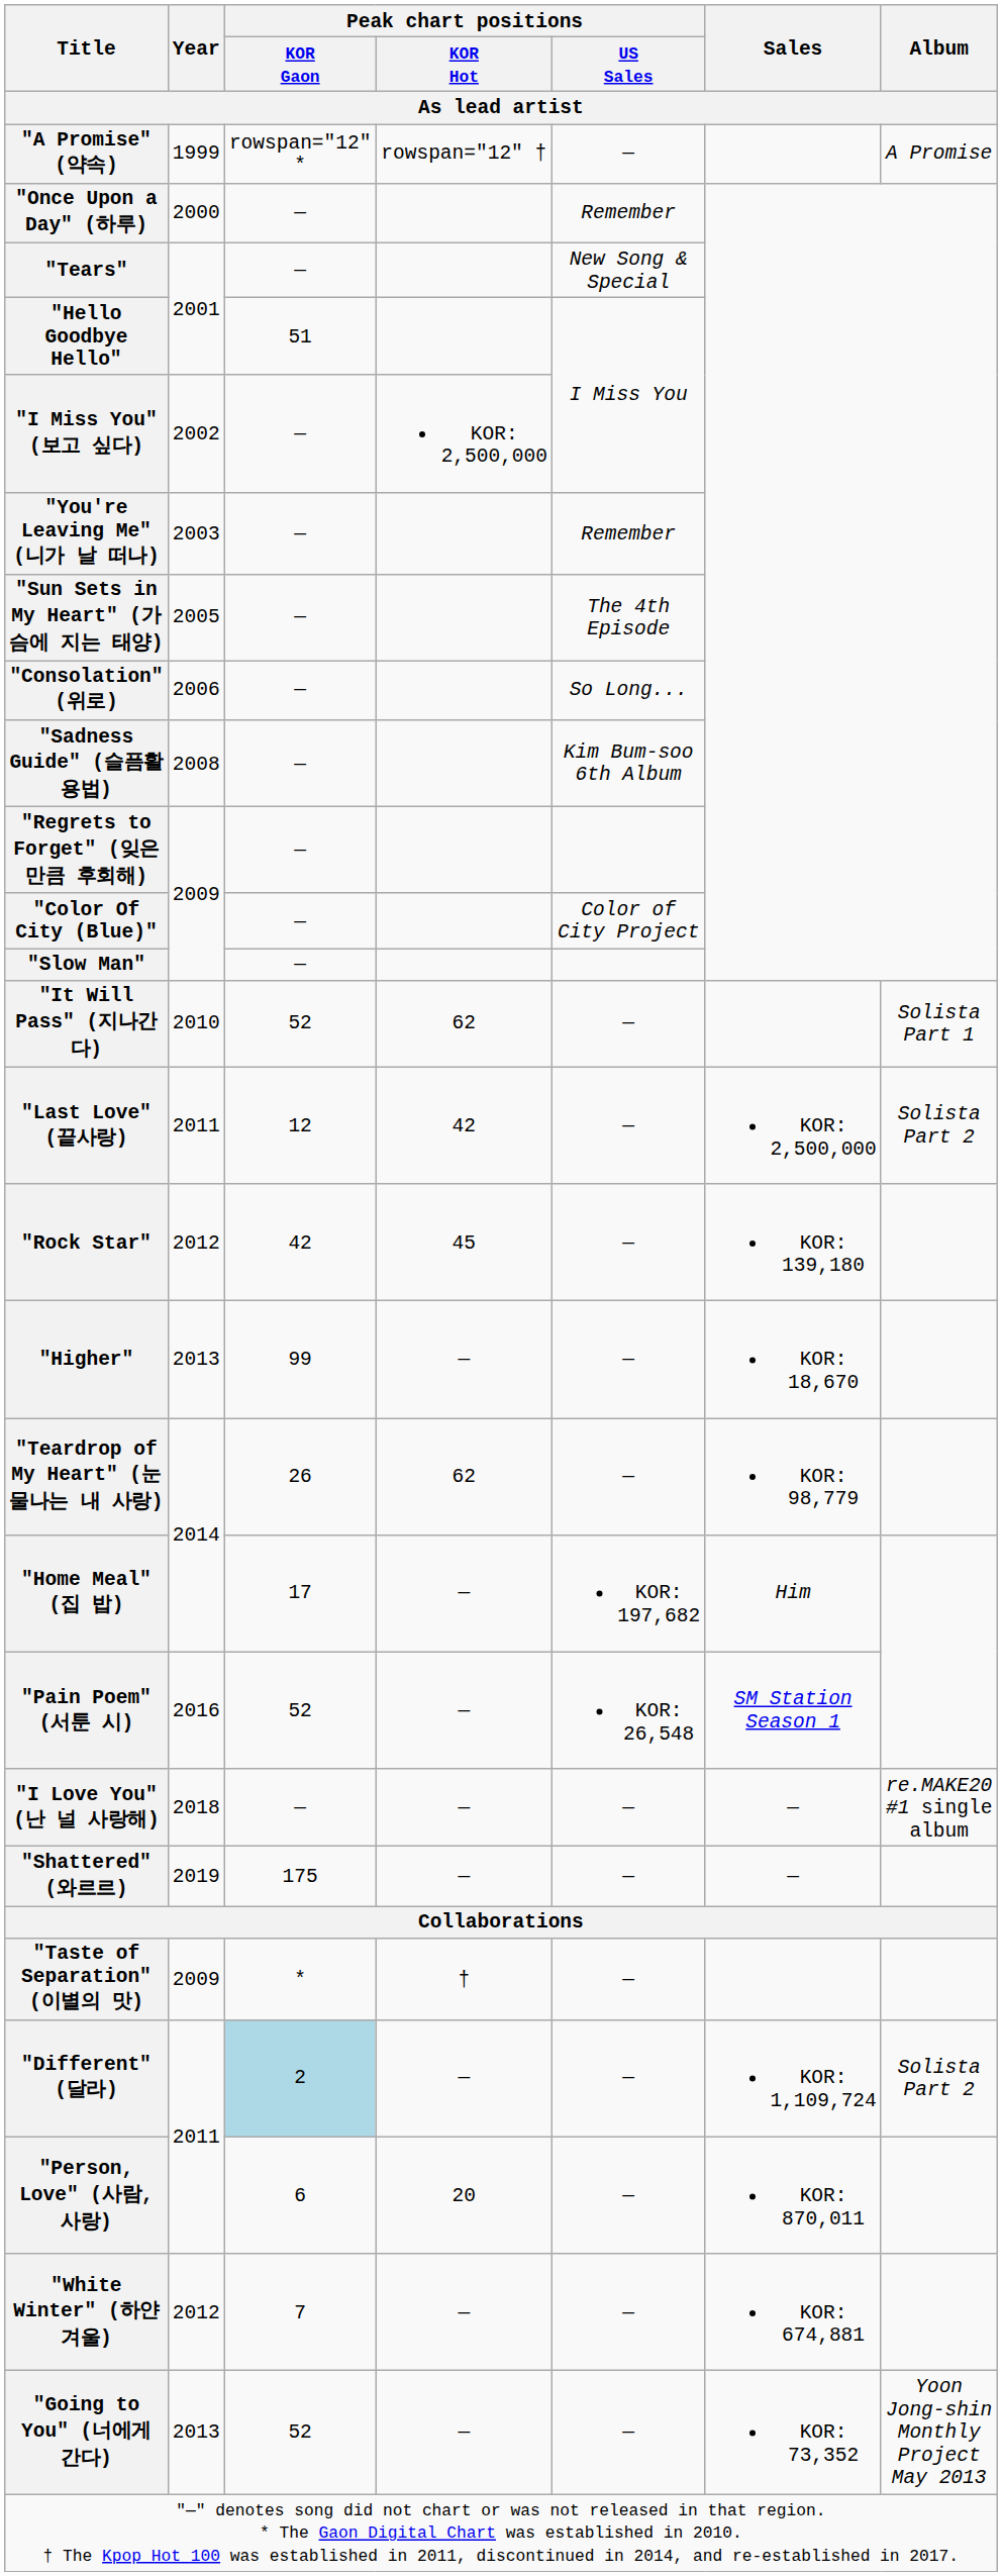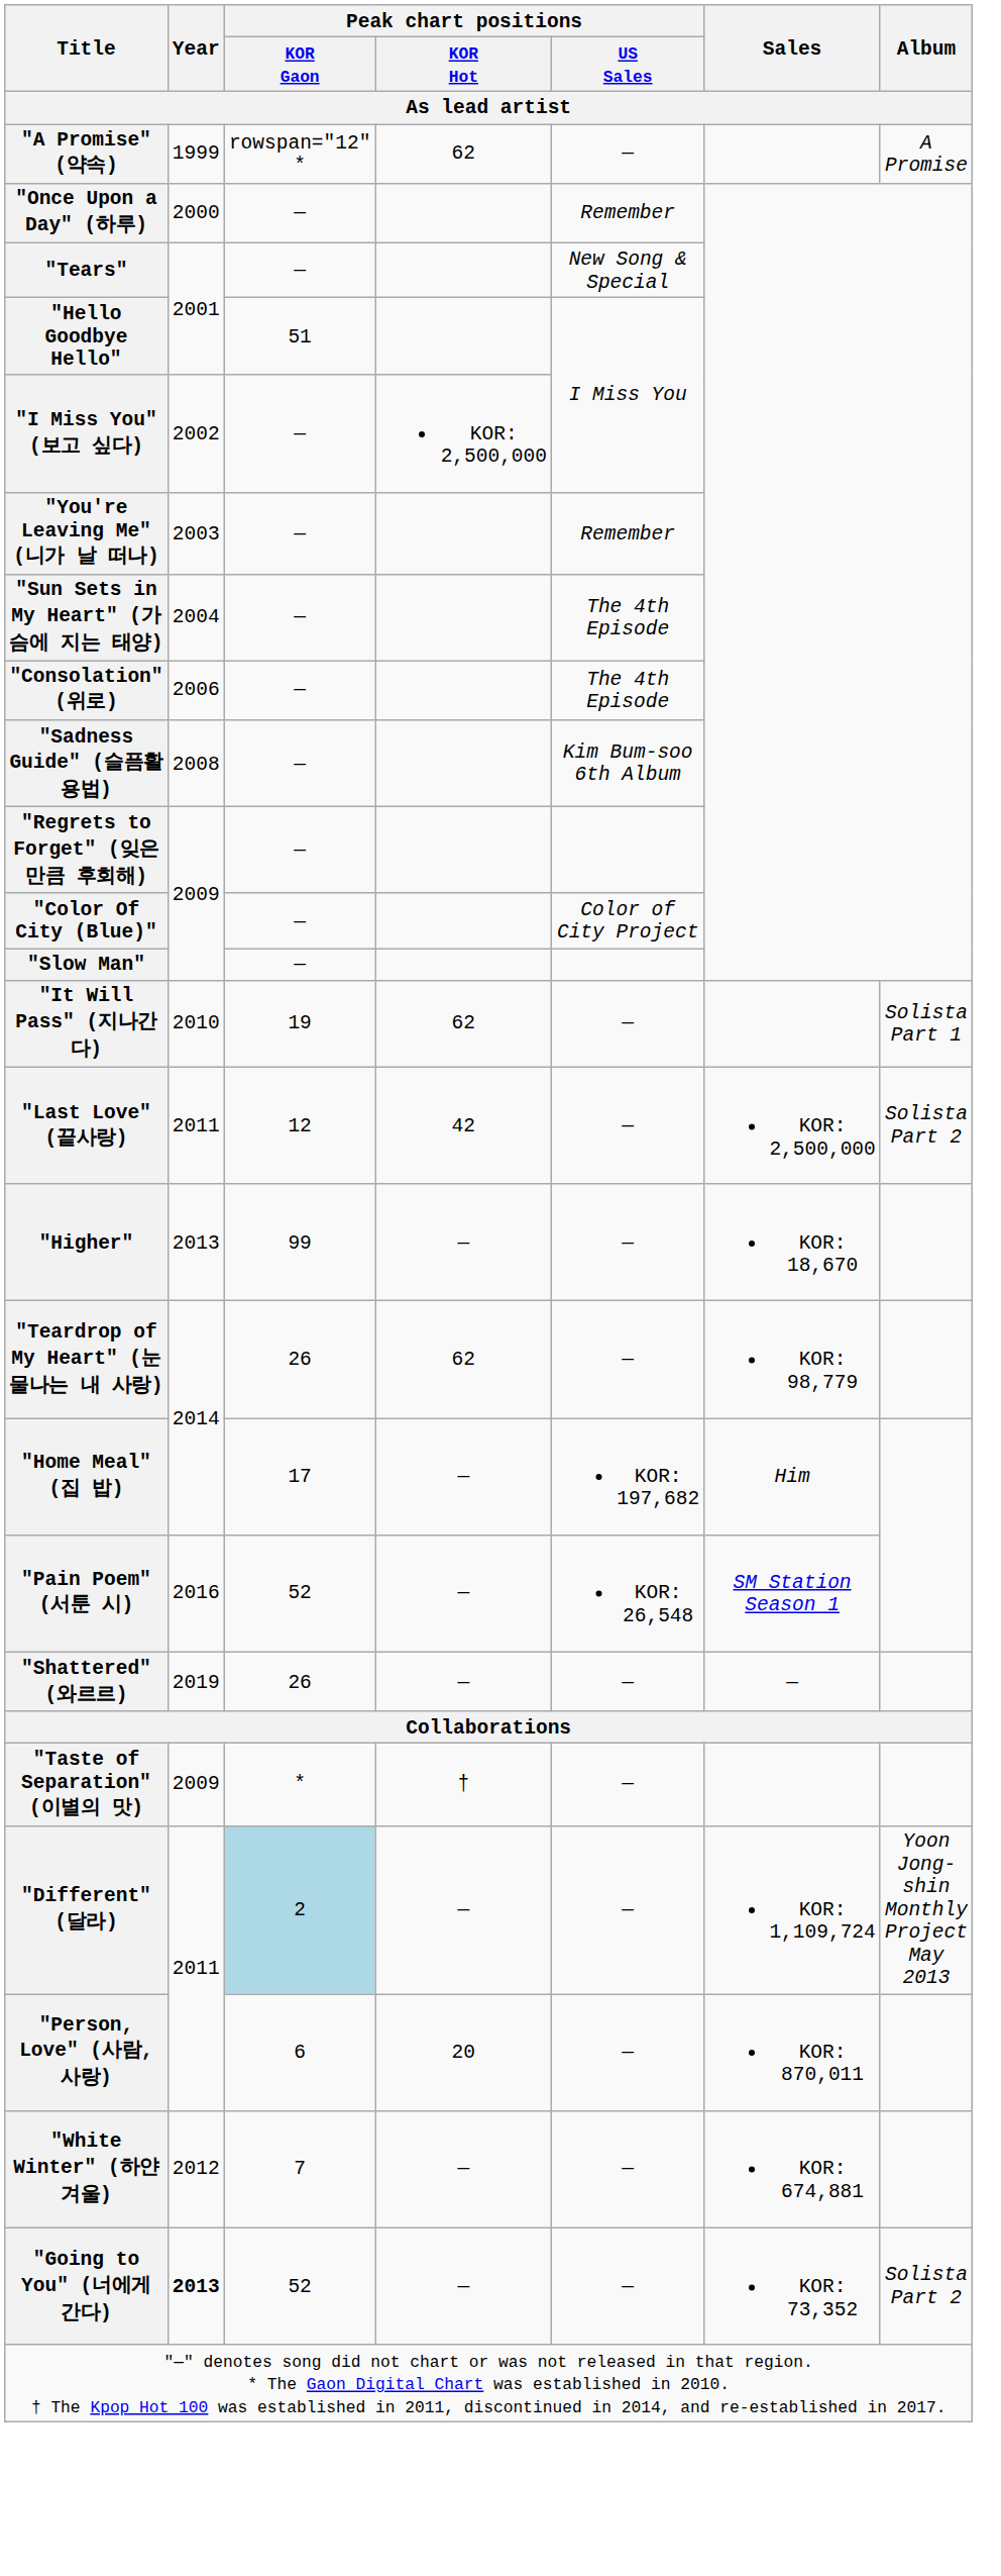 <table class="wikitable plainrowheaders" style="text-align:center;">
 <tr>
 <th scope="col" rowspan="2">Title</th>
 <th scope="col" rowspan="2">Year</th>
 <th scope="col" colspan="3" style="width:5em;">Peak chart positions</th>
 <th scope="col" rowspan="2">Sales</th>
 <th scope="col" rowspan="2">Album</th>
 </tr>
 <tr>
 <th><small><a href='#'>KOR<br>Gaon</a></small><br></th>
 <th><small><a href='#'>KOR<br>Hot</a></small><br></th>
 <th><small><a href='#'>US<br>Sales</a></small><br></th>
 </tr>
 <tr>
 <th colspan="7" scope="col">As lead artist</th>
 </tr>
 <tr>
 <th scope="row">"A Promise" (약속)</th>
 <td>1999</td>
 <td>rowspan="12" *</td>
-<td>rowspan="12" †</td>
+<td>62</td>
 <td>—</td>
 <td></td>
 <td><em>A Promise</em></td>
 </tr>
 <tr>
 <th scope="row">"Once Upon a Day" (하루)</th>
 <td>2000</td>
 <td>—</td>
 <td></td>
 <td><em>Remember</em></td>
 </tr>
 <tr>
 <th scope="row">"Tears"</th>
 <td rowspan="2">2001</td>
 <td>—</td>
 <td></td>
 <td><em>New Song & Special</em></td>
 </tr>
 <tr>
 <th scope="row">"Hello Goodbye Hello"</th>
 <td>51</td>
 <td></td>
 <td rowspan="2"><em>I Miss You</em></td>
 </tr>
 <tr>
 <th scope="row">"I Miss You" (보고 싶다)</th>
 <td>2002</td>
 <td>—</td>
 <td><br><ul><li>KOR: 2,500,000</li></ul></td>
 </tr>
 <tr>
 <th scope="row">"You're Leaving Me" (니가 날 떠나)</th>
 <td>2003</td>
 <td>—</td>
 <td></td>
 <td><em>Remember</em></td>
 </tr>
 <tr>
 <th scope="row">"Sun Sets in My Heart" (가슴에 지는 태양)</th>
-<td>2005</td>
+<td>2004</td>
 <td>—</td>
 <td></td>
 <td><em>The 4th Episode</em></td>
 </tr>
 <tr>
 <th scope="row">"Consolation" (위로)</th>
 <td>2006</td>
 <td>—</td>
 <td></td>
-<td><em>So Long...</em></td>
+<td><em>The 4th Episode</em></td>
 </tr>
 <tr>
 <th scope="row">"Sadness Guide" (슬픔활용법)</th>
 <td>2008</td>
 <td>—</td>
 <td></td>
 <td><em>Kim Bum-soo 6th Album</em></td>
 </tr>
 <tr>
 <th scope="row">"Regrets to Forget" (잊은만큼 후회해)</th>
 <td rowspan="3">2009</td>
 <td>—</td>
 <td></td>
 <td></td>
 </tr>
 <tr>
 <th scope="row">"Color Of City (Blue)"</th>
 <td>—</td>
 <td></td>
 <td><em>Color of City Project</em></td>
 </tr>
 <tr>
 <th scope="row">"Slow Man"<br></th>
 <td>—</td>
 <td></td>
 <td></td>
 </tr>
 <tr>
 <th scope="row">"It Will Pass" (지나간다)</th>
 <td>2010</td>
-<td>52</td>
+<td>19</td>
 <td>62</td>
 <td>—</td>
 <td></td>
 <td><em>Solista Part 1</em></td>
 </tr>
 <tr>
 <th scope="row">"Last Love" (끝사랑)</th>
 <td>2011</td>
 <td>12</td>
 <td>42</td>
 <td>—</td>
 <td><br><ul><li>KOR: 2,500,000</li></ul></td>
 <td><em>Solista Part 2</em></td>
-</tr>
-<tr>
-<th scope="row">"Rock Star"</th>
-<td>2012</td>
-<td>42</td>
-<td>45</td>
-<td>—</td>
-<td><br><ul><li>KOR: 139,180</li></ul></td>
-<td></td>
 </tr>
 <tr>
 <th scope="row">"Higher"</th>
 <td>2013</td>
 <td>99</td>
 <td>—</td>
 <td>—</td>
 <td><br><ul><li>KOR: 18,670</li></ul></td>
 <td></td>
 </tr>
 <tr>
 <th scope="row">"Teardrop of My Heart" (눈물나는 내 사랑)</th>
 <td rowspan="2">2014</td>
 <td>26</td>
 <td>62</td>
 <td>—</td>
 <td><br><ul><li>KOR: 98,779</li></ul></td>
 <td></td>
 </tr>
 <tr>
 <th scope="row">"Home Meal" (집 밥)<br></th>
 <td>17</td>
 <td>—</td>
 <td><br><ul><li>KOR: 197,682</li></ul></td>
 <td><em>Him</em></td>
 </tr>
 <tr>
 <th scope="row">"Pain Poem" (서툰 시)</th>
 <td>2016</td>
 <td>52</td>
 <td>—</td>
 <td><br><ul><li>KOR: 26,548</li></ul></td>
 <td><em><a href='#'>SM Station Season 1</a></em></td>
 </tr>
 <tr>
-<th scope="row">"I Love You" (난 널 사랑해)</th>
-<td>2018</td>
-<td>—</td>
-<td>—</td>
-<td>—</td>
-<td>—</td>
-<td><em>re.MAKE20 #1</em> single album</td>
-</tr>
-<tr>
 <th scope="row">"Shattered" (와르르)</th>
 <td>2019</td>
-<td>175</td>
+<td>26</td>
 <td>—</td>
 <td>—</td>
 <td>—</td>
 <td></td>
 </tr>
 <tr>
 <th colspan="7" scope="col">Collaborations</th>
 </tr>
 <tr>
 <th scope="row">"Taste of Separation" (이별의 맛)<br></th>
 <td>2009</td>
 <td>*</td>
 <td>†</td>
 <td>—</td>
 <td></td>
 <td></td>
 </tr>
 <tr>
 <th scope="row">"Different" (달라)<br></th>
 <td rowspan="2">2011</td>
 <td style="background: lightblue;">2</td>
 <td>—</td>
 <td>—</td>
 <td><br><ul><li>KOR: 1,109,724</li></ul></td>
-<td><em>Solista Part 2</em></td>
+<td><em>Yoon Jong-shin Monthly Project May 2013</em></td>
 </tr>
 <tr>
 <th scope="row">"Person, Love" (사람, 사랑)<br></th>
 <td>6</td>
 <td>20</td>
 <td>—</td>
 <td><br><ul><li>KOR: 870,011</li></ul></td>
 <td></td>
 </tr>
 <tr>
 <th scope="row">"White Winter" (하얀 겨울)<br></th>
 <td>2012</td>
 <td>7</td>
 <td>—</td>
 <td>—</td>
 <td><br><ul><li>KOR: 674,881</li></ul></td>
 <td></td>
 </tr>
 <tr>
 <th scope="row">"Going to You" (너에게 간다)<br></th>
-<td>2013</td>
+<td><strong>2013</strong></td>
 <td>52</td>
 <td>—</td>
 <td>—</td>
 <td><br><ul><li>KOR: 73,352</li></ul></td>
-<td><em>Yoon Jong-shin Monthly Project May 2013</em></td>
+<td><em>Solista Part 2</em></td>
 </tr>
 <tr>
 <td colspan="7" align="center"><small>"—" denotes song did not chart or was not released in that region.<br>* The <a href='#'>Gaon Digital Chart</a> was established in 2010.<br>† The <a href='#'>Kpop Hot 100</a> was established in 2011, discontinued in 2014, and re-established in 2017.</small></td>
 </tr>
 </table>
